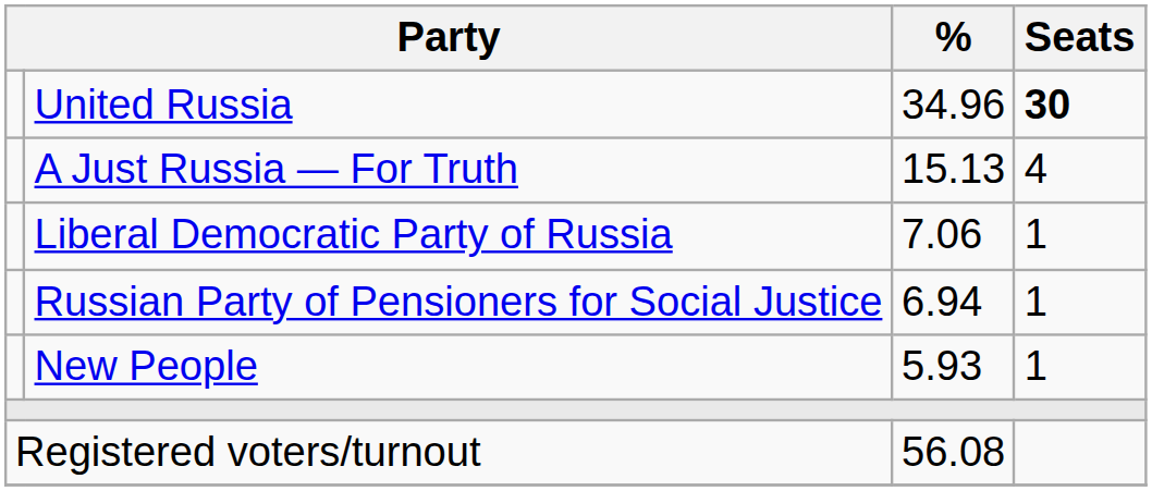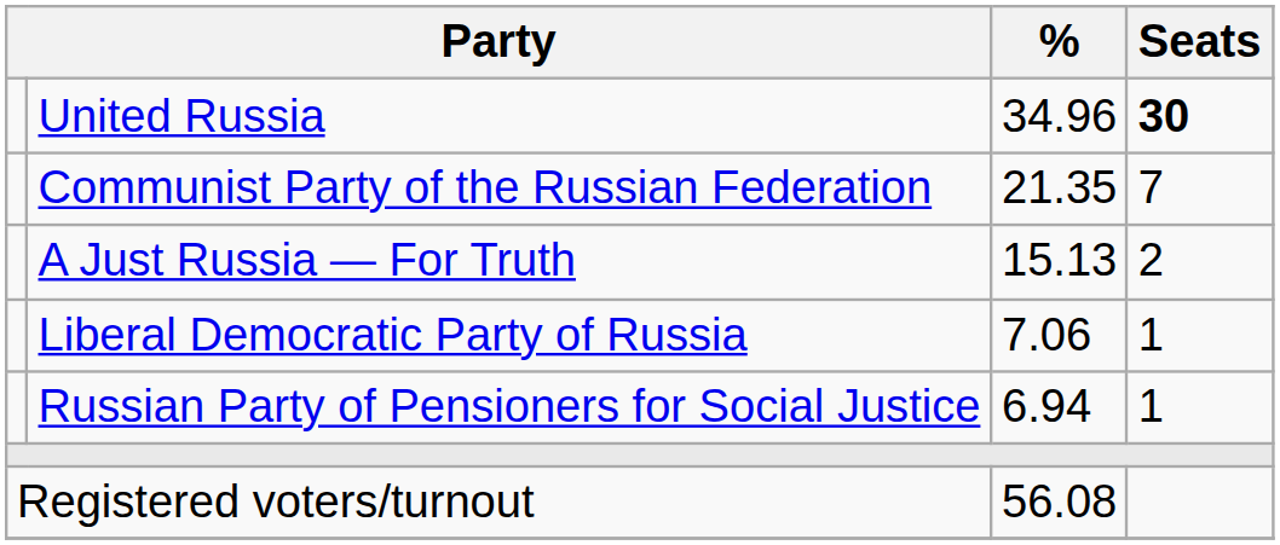 <table class="wikitable">
 <tr>
 <th colspan=2>Party</th>
 <th>%</th>
 <th>Seats</th>
 </tr>
 <tr>
 <td style="background:"></td>
 <td><a href='#'>United Russia</a></td>
 <td>34.96</td>
 <td><strong>30</strong></td>
 </tr>
 <tr>
 <td style="background:"></td>
+<td><a href='#'>Communist Party of the Russian Federation</a></td>
+<td>21.35</td>
+<td>7</td>
+</tr>
+<tr>
+<td style="background:"></td>
 <td><a href='#'>A Just Russia — For Truth</a></td>
 <td>15.13</td>
-<td>4</td>
+<td>2</td>
 </tr>
 <tr>
 <td style="background:"></td>
 <td><a href='#'>Liberal Democratic Party of Russia</a></td>
 <td>7.06</td>
 <td>1</td>
 </tr>
 <tr>
 <td style="background:"></td>
 <td><a href='#'>Russian Party of Pensioners for Social Justice</a></td>
 <td>6.94</td>
 <td>1</td>
 </tr>
 <tr>
-<td style="background:"></td>
-<td><a href='#'>New People</a></td>
-<td>5.93</td>
-<td>1</td>
-</tr>
-<tr>
 <td colspan=4 style="background:#E9E9E9;"></td>
 </tr>
 <tr>
 <td align=left colspan=2>Registered voters/turnout</td>
 <td>56.08</td>
 <td></td>
 </tr>
 <tr>
 </tr>
 </table>
